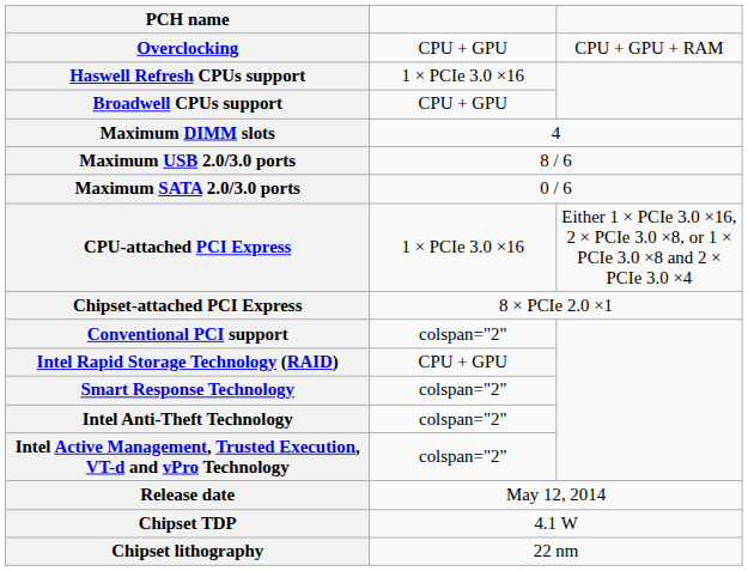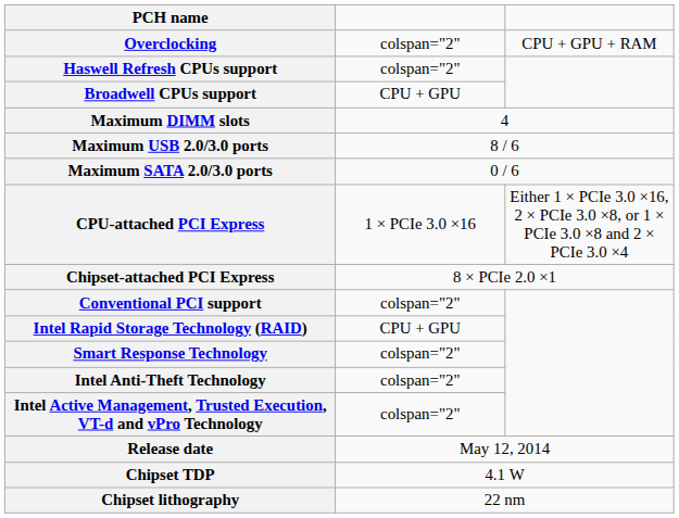 <table class="wikitable sticky-header" style="text-align: center;">
 <tr>
 <th style="width: 20em;">PCH name</th>
 <td style="width: 10em;"></td>
 <td style="width: 10em;"></td>
 </tr>
 <tr>
 <th><a href='#'>Overclocking</a></th>
-<td>CPU + GPU</td>
+<td>colspan="2" </td>
 <td>CPU + GPU + RAM</td>
 </tr>
 <tr>
 <th><a href='#'>Haswell Refresh</a> CPUs support</th>
-<td>1 × PCIe 3.0 ×16</td>
+<td>colspan="2" </td>
 </tr>
 <tr>
 <th><a href='#'>Broadwell</a> CPUs support</th>
 <td>CPU + GPU</td>
 </tr>
 <tr>
 <th>Maximum <a href='#'>DIMM</a> slots</th>
 <td colspan="2">4</td>
 </tr>
 <tr>
 <th>Maximum <a href='#'>USB</a> 2.0/3.0 ports</th>
 <td colspan="2">8 / 6</td>
 </tr>
 <tr>
 <th>Maximum <a href='#'>SATA</a> 2.0/3.0 ports</th>
 <td colspan="2">0 / 6</td>
 </tr>
 <tr>
 <th>CPU-attached <a href='#'>PCI&nbsp;Express</a></th>
 <td>1 × PCIe 3.0 ×16</td>
 <td>Either 1 × PCIe 3.0 ×16, 2 × PCIe 3.0 ×8, or 1 × PCIe 3.0 ×8 and 2 × PCIe 3.0 ×4</td>
 </tr>
 <tr>
 <th>Chipset-attached PCI Express</th>
 <td colspan="2">8 × PCIe 2.0 ×1</td>
 </tr>
 <tr>
 <th><a href='#'>Conventional PCI</a> support</th>
 <td>colspan="2" </td>
 </tr>
 <tr>
 <th><a href='#'>Intel Rapid Storage Technology</a> (<a href='#'>RAID</a>)</th>
 <td>CPU + GPU</td>
 </tr>
 <tr>
 <th><a href='#'>Smart Response Technology</a></th>
 <td>colspan="2" </td>
 </tr>
 <tr>
 <th>Intel Anti-Theft Technology</th>
 <td>colspan="2" </td>
 </tr>
 <tr>
 <th>Intel <a href='#'>Active Management</a>, <a href='#'>Trusted Execution</a>, <a href='#'>VT-d</a> and <a href='#'>vPro</a> Technology</th>
 <td>colspan="2" </td>
 </tr>
 <tr>
 <th>Release date</th>
 <td colspan="6">May 12, 2014</td>
 </tr>
 <tr>
 <th>Chipset TDP</th>
 <td colspan="2">4.1 W</td>
 </tr>
 <tr>
 <th>Chipset lithography</th>
 <td colspan="2">22 nm</td>
 </tr>
 </table>
